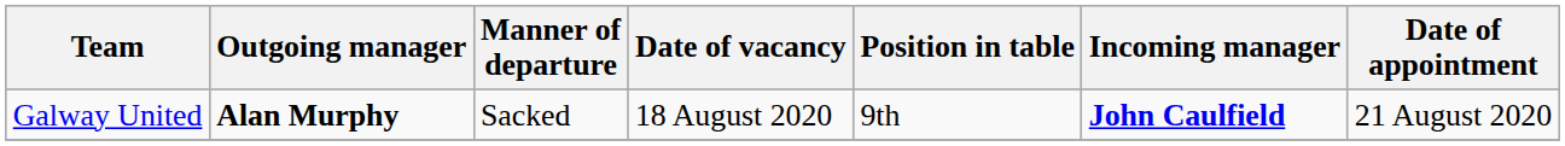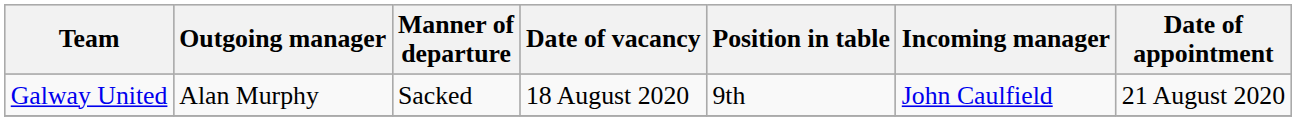 <table class="wikitable sortable">
 <tr>
 <th>Team</th>
 <th>Outgoing manager</th>
 <th>Manner of<br>departure</th>
 <th>Date of vacancy</th>
 <th>Position in table</th>
 <th>Incoming manager</th>
 <th>Date of<br>appointment</th>
 </tr>
 <tr>
 <td><a href='#'>Galway United</a></td>
-<td><strong> Alan Murphy</strong></td>
+<td> Alan Murphy</td>
 <td>Sacked</td>
 <td>18 August 2020</td>
 <td>9th</td>
-<td><strong> <a href='#'>John Caulfield</a></strong></td>
+<td> <a href='#'>John Caulfield</a></td>
 <td>21 August 2020</td>
 </tr>
 <tr>
 </tr>
 </table>
